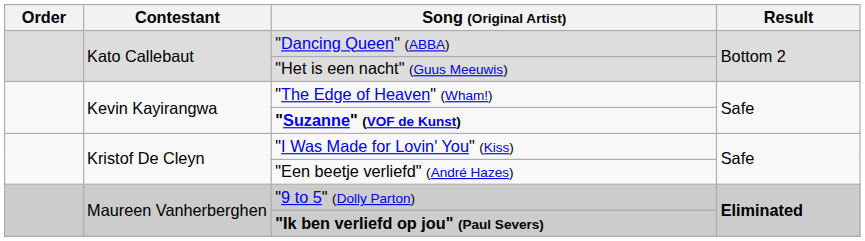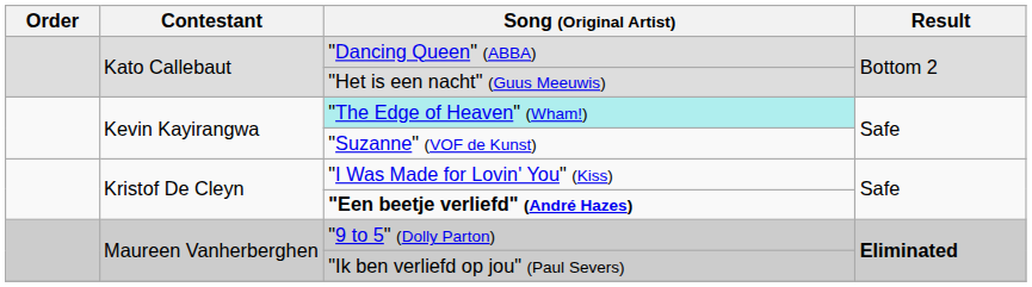 <table class="wikitable" style="font-size:90%; width:60%; text-align: left;">
 <tr>
 <th width="05%">Order</th>
 <th width="13%">Contestant</th>
 <th width="32%">Song <small>(Original Artist)</small></th>
 <th width="10%">Result</th>
 </tr>
 <tr>
 <td bgcolor="DDDDDD" rowspan="2"></td>
 <td bgcolor="DDDDDD" rowspan="2">Kato Callebaut</td>
 <td bgcolor="DDDDDD">"<a href='#'>Dancing Queen</a>" <small>(<a href='#'>ABBA</a>)</small></td>
 <td bgcolor="DDDDDD" rowspan="2">Bottom 2</td>
 </tr>
 <tr>
 <td bgcolor="DDDDDD">"Het is een nacht" <small>(<a href='#'>Guus Meeuwis</a>)</small></td>
 </tr>
 <tr>
 <td rowspan="2"></td>
 <td rowspan="2">Kevin Kayirangwa</td>
-<td>"<a href='#'>The Edge of Heaven</a>" <small>(<a href='#'>Wham!</a>)</small></td>
+<td style="background: paleturquoise;">"<a href='#'>The Edge of Heaven</a>" <small>(<a href='#'>Wham!</a>)</small></td>
 <td rowspan="2">Safe</td>
 </tr>
 <tr>
-<td><strong>"<a href='#'>Suzanne</a>" <small>(<a href='#'>VOF de Kunst</a>)</small></strong></td>
+<td>"<a href='#'>Suzanne</a>" <small>(<a href='#'>VOF de Kunst</a>)</small></td>
 </tr>
 <tr>
 <td rowspan="2"></td>
 <td rowspan="2">Kristof De Cleyn</td>
 <td>"<a href='#'>I Was Made for Lovin' You</a>" <small>(<a href='#'>Kiss</a>)</small></td>
 <td rowspan="2">Safe</td>
 </tr>
 <tr>
-<td>"Een beetje verliefd" <small>(<a href='#'>André Hazes</a>)</small></td>
+<td><strong>"Een beetje verliefd" <small>(<a href='#'>André Hazes</a>)</small></strong></td>
 </tr>
 <tr>
 <td bgcolor="CCCCCC" rowspan="2"></td>
 <td bgcolor="CCCCCC" rowspan="2">Maureen Vanherberghen</td>
 <td bgcolor="CCCCCC">"<a href='#'>9 to 5</a>" <small>(<a href='#'>Dolly Parton</a>)</small></td>
 <td bgcolor="CCCCCC" rowspan="2"><strong>Eliminated</strong></td>
 </tr>
 <tr>
-<td bgcolor="CCCCCC"><strong>"Ik ben verliefd op jou" <small>(Paul Severs)</small></strong></td>
+<td bgcolor="CCCCCC">"Ik ben verliefd op jou" <small>(Paul Severs)</small></td>
 </tr>
 <tr>
 </tr>
 </table>
